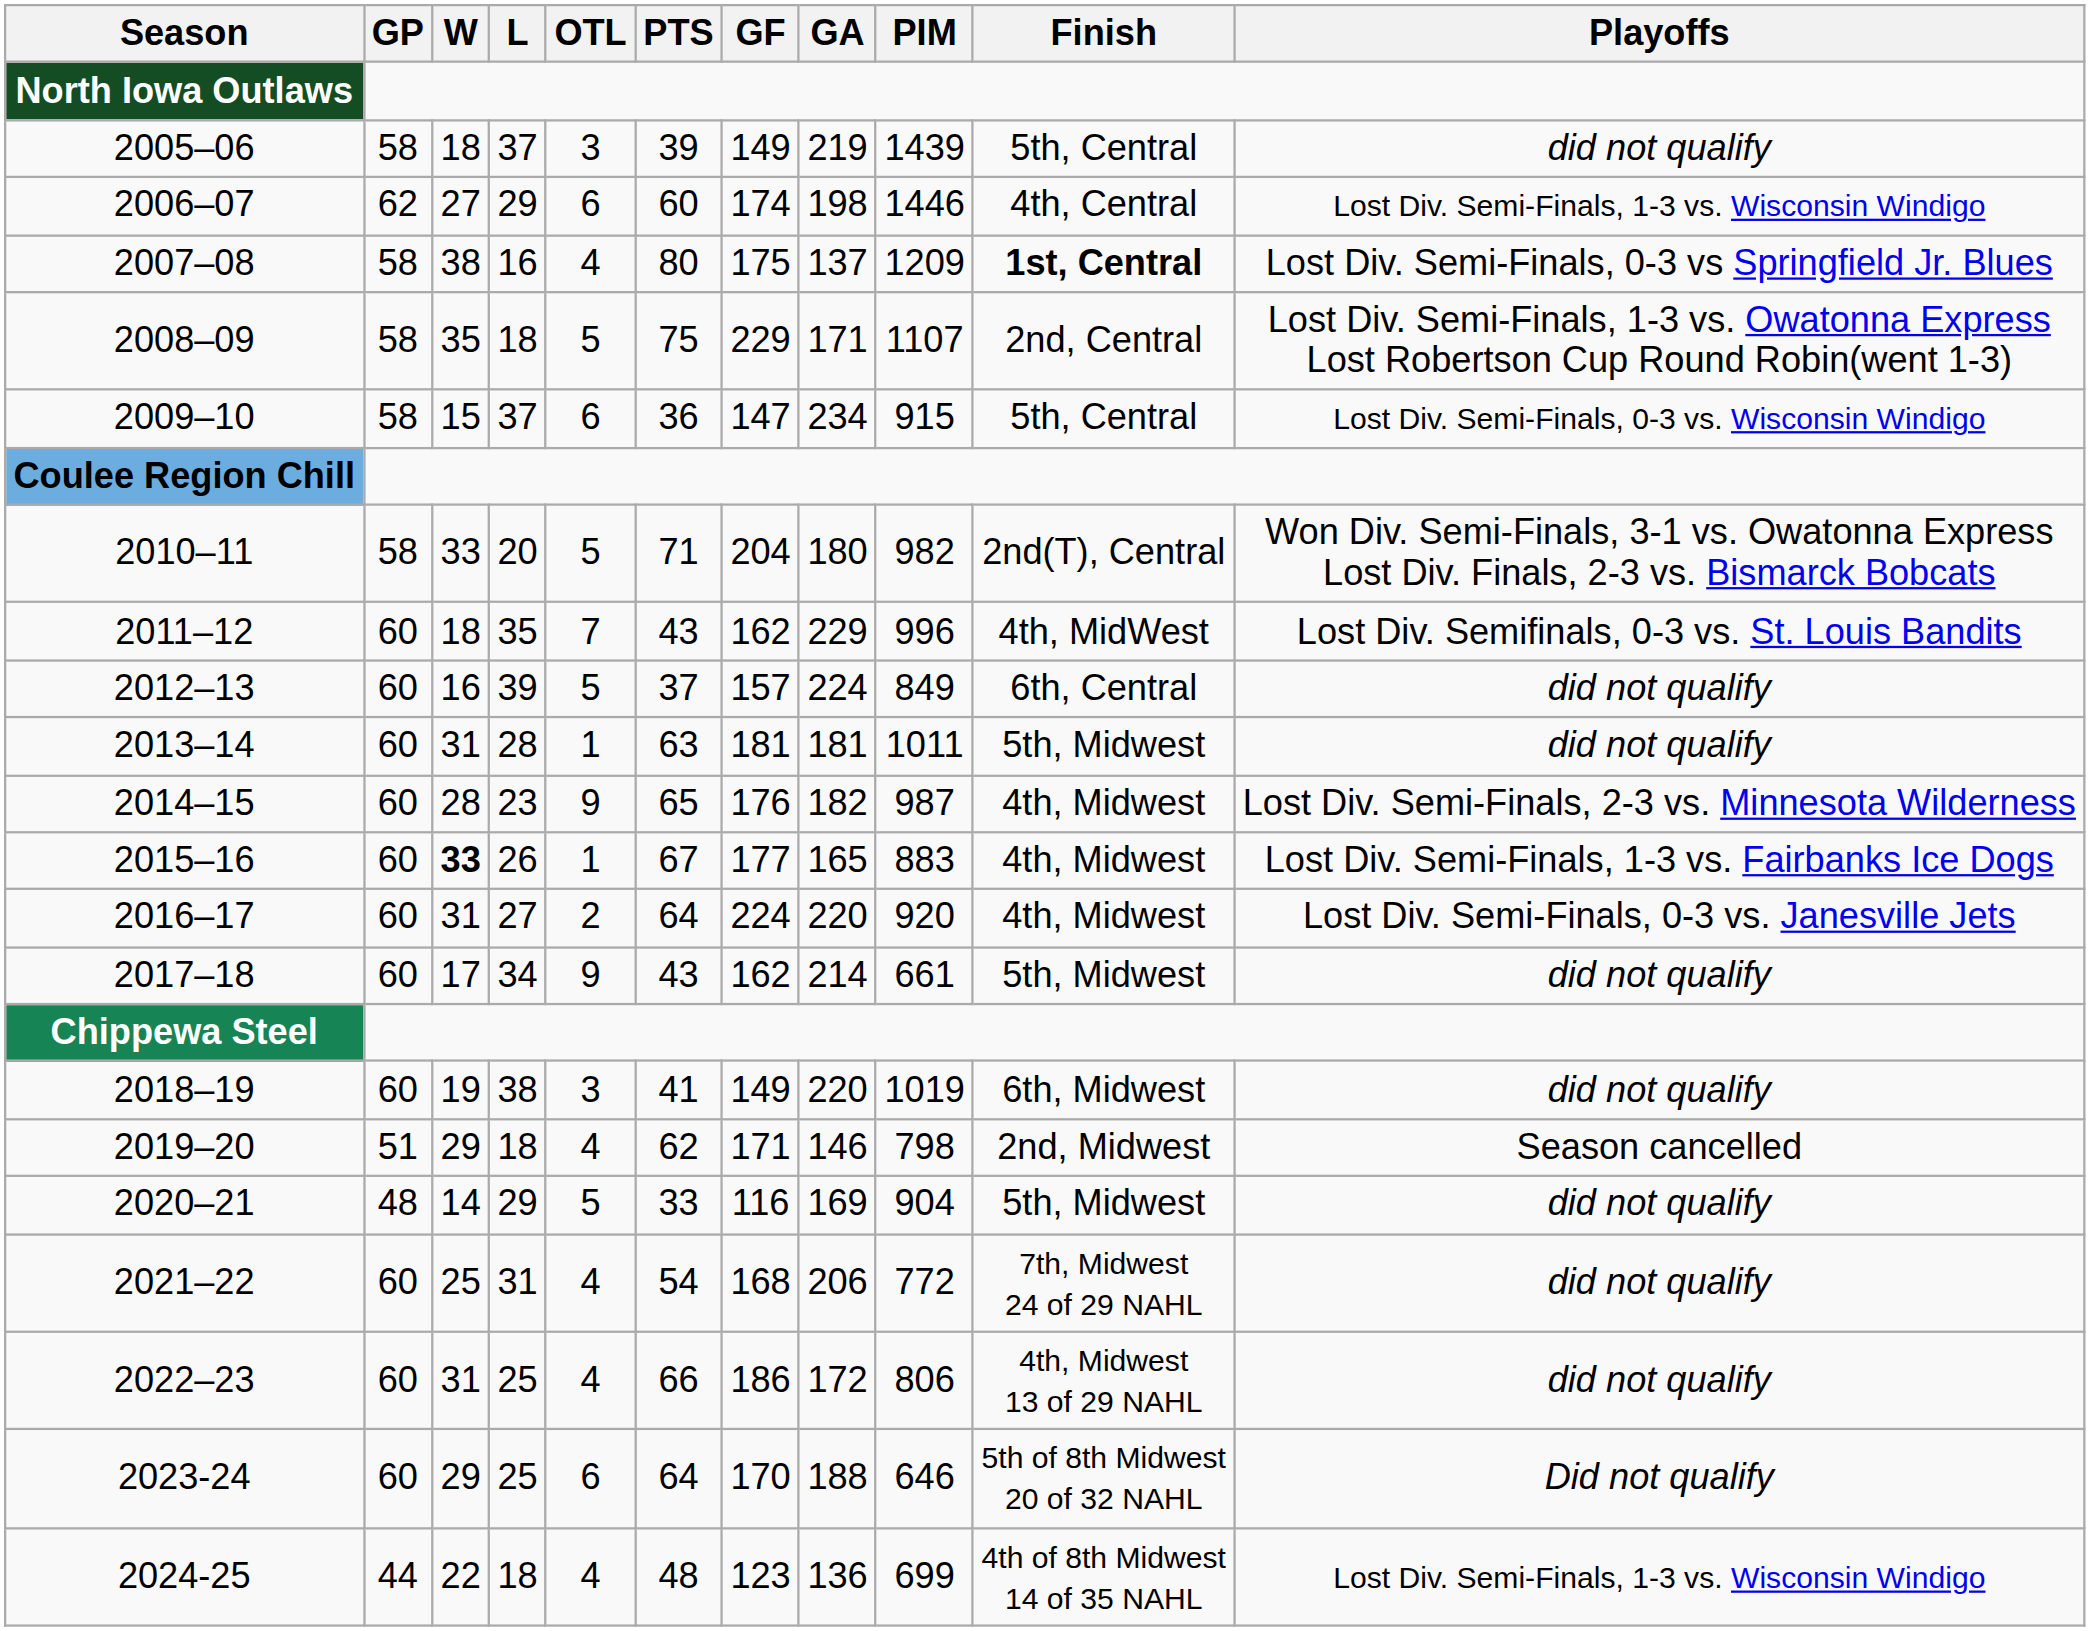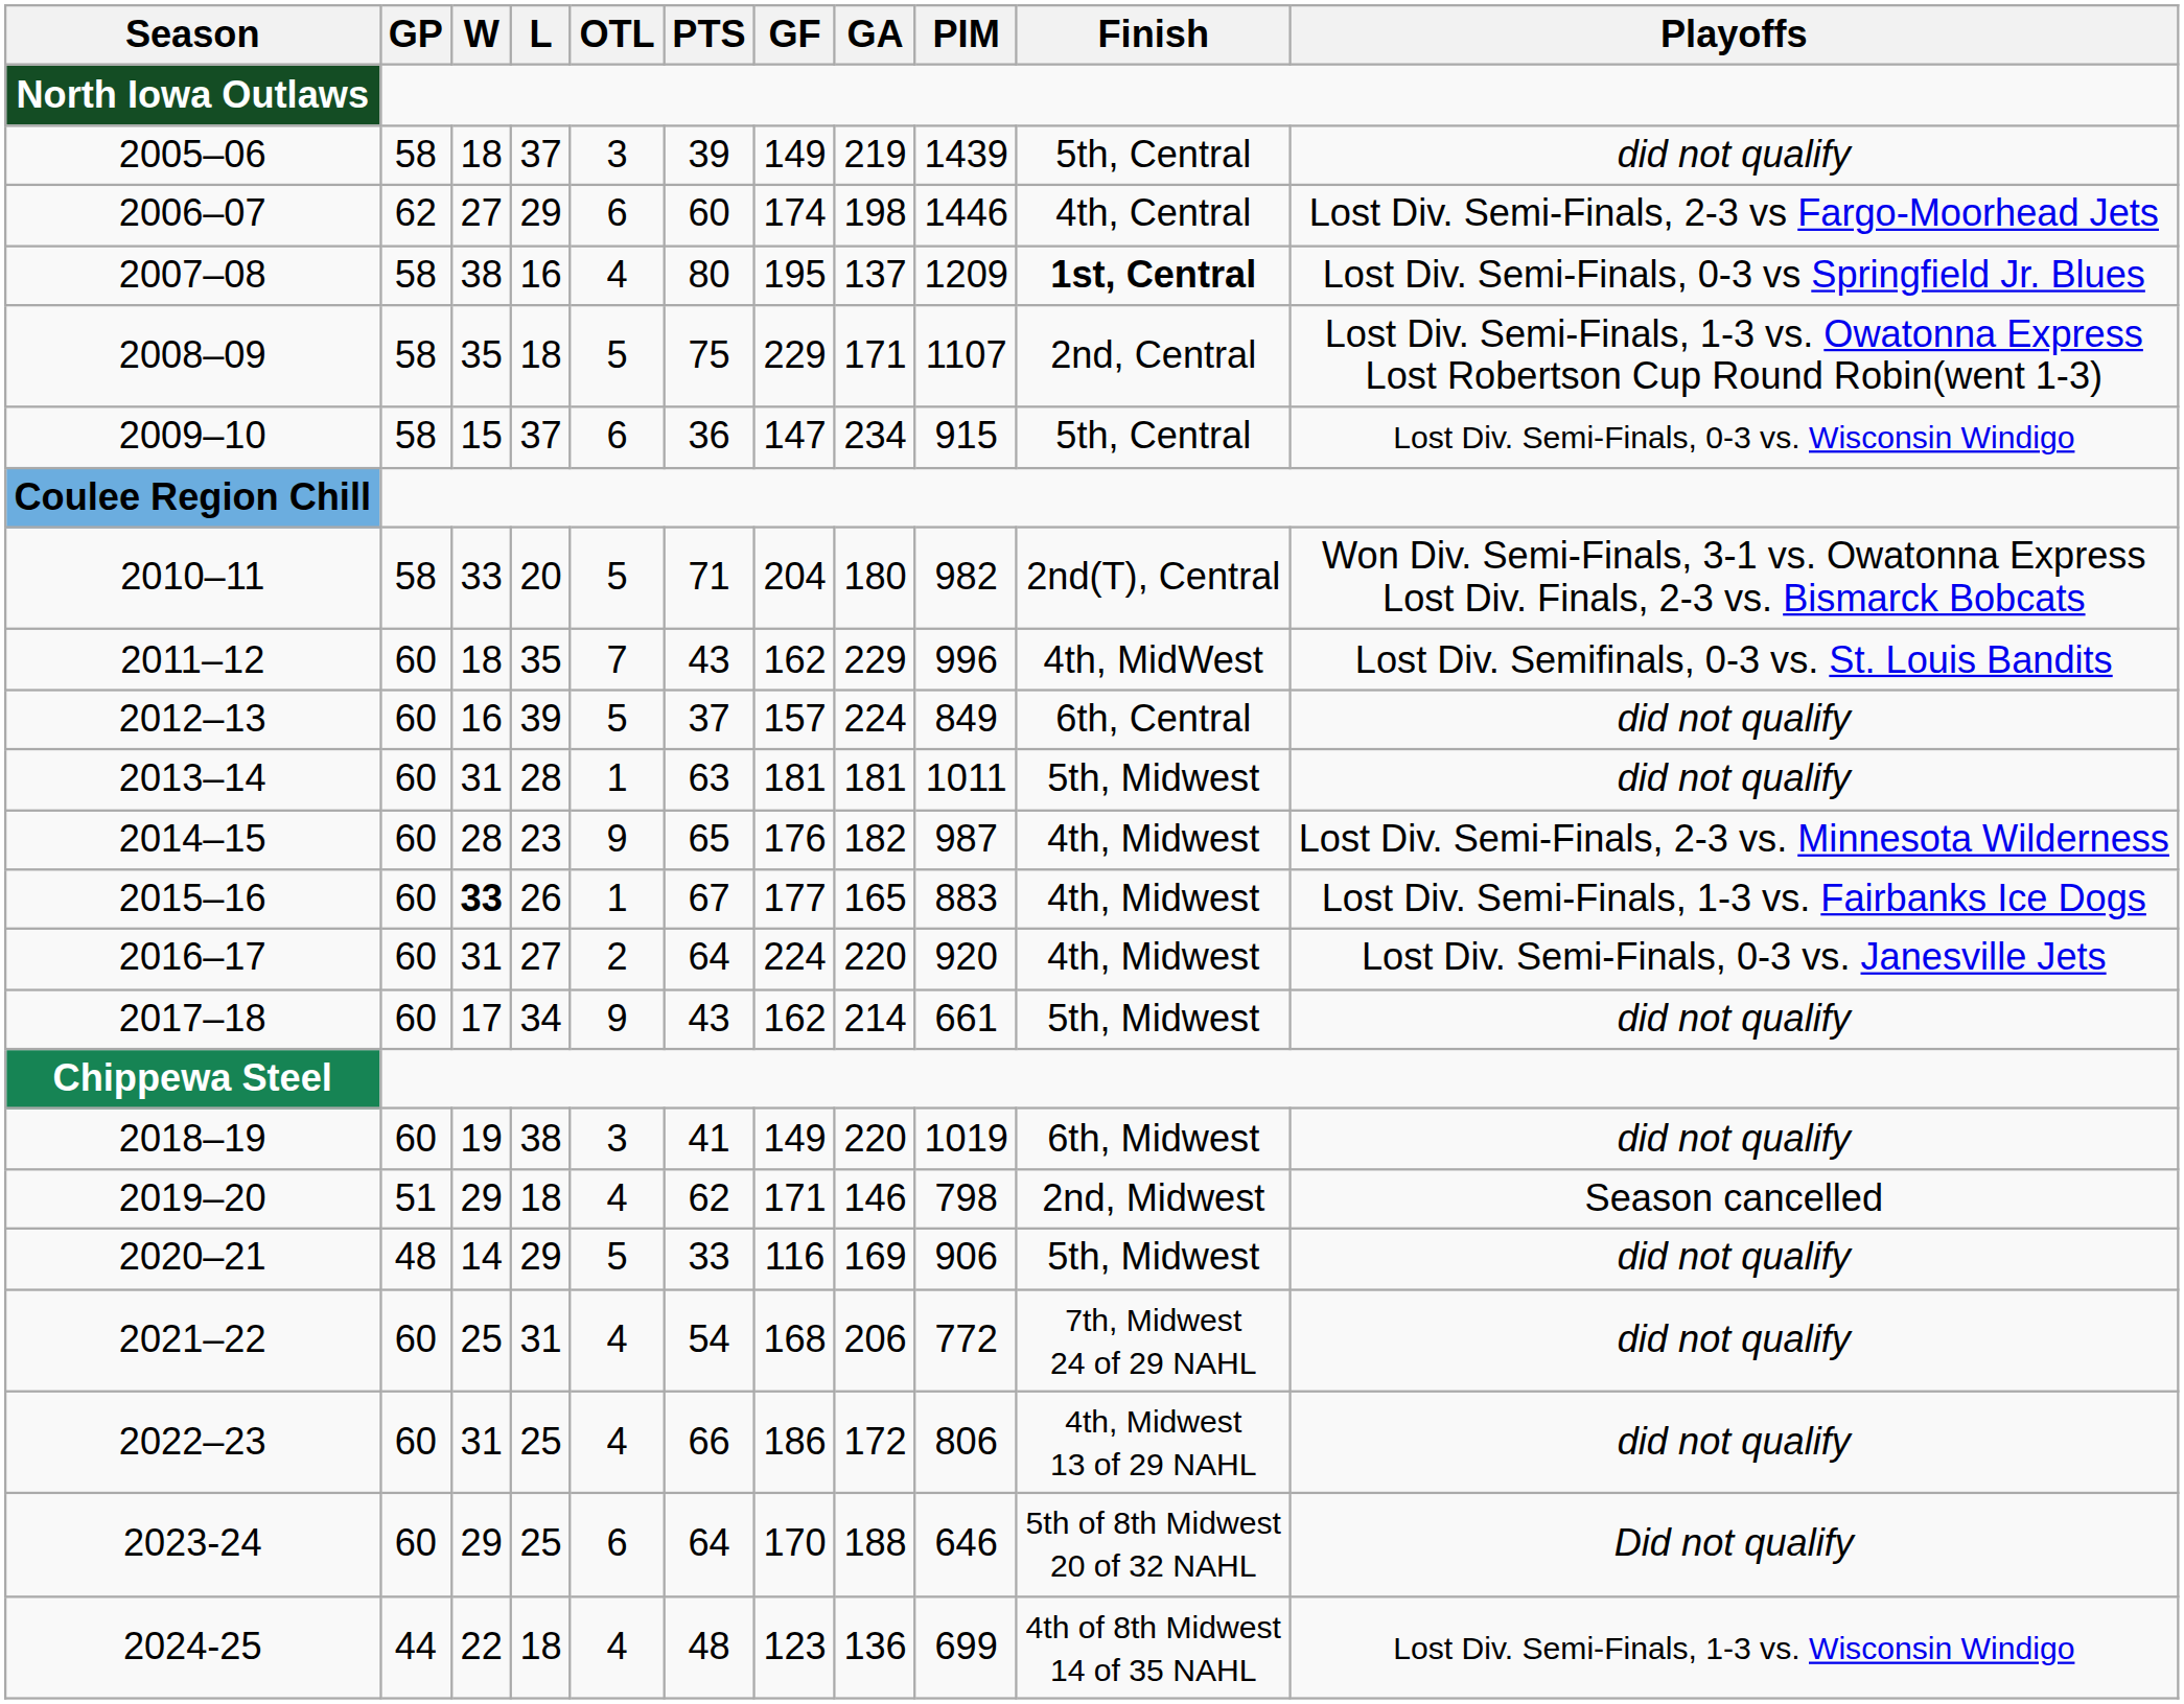 <table class="wikitable" style="text-align:center">
 <tr>
 <th>Season</th>
 <th>GP</th>
 <th>W</th>
 <th>L</th>
 <th>OTL</th>
 <th>PTS</th>
 <th>GF</th>
 <th>GA</th>
 <th>PIM</th>
 <th>Finish</th>
 <th>Playoffs</th>
 </tr>
 <tr align="center">
 <td style="color:white; background:#144d24; "><strong>North Iowa Outlaws</strong></td>
 </tr>
 <tr>
 <td>2005–06</td>
 <td>58</td>
 <td>18</td>
 <td>37</td>
 <td>3</td>
 <td>39</td>
 <td>149</td>
 <td>219</td>
 <td>1439</td>
 <td>5th, Central</td>
 <td><em>did not qualify</em></td>
 </tr>
 <tr>
 <td>2006–07</td>
 <td>62</td>
 <td>27</td>
 <td>29</td>
 <td>6</td>
 <td>60</td>
 <td>174</td>
 <td>198</td>
 <td>1446</td>
 <td>4th, Central</td>
-<td><small>Lost Div. Semi-Finals, 1-3 vs. <a href='#'>Wisconsin Windigo</a></small></td>
+<td>Lost Div. Semi-Finals, 2-3 vs <a href='#'>Fargo-Moorhead Jets</a><br></td>
 </tr>
 <tr>
 <td>2007–08</td>
 <td>58</td>
 <td>38</td>
 <td>16</td>
 <td>4</td>
 <td>80</td>
-<td>175</td>
+<td>195</td>
 <td>137</td>
 <td>1209</td>
 <td><strong>1st, Central</strong></td>
 <td>Lost Div. Semi-Finals, 0-3 vs <a href='#'>Springfield Jr. Blues</a></td>
 </tr>
 <tr>
 <td>2008–09</td>
 <td>58</td>
 <td>35</td>
 <td>18</td>
 <td>5</td>
 <td>75</td>
 <td>229</td>
 <td>171</td>
 <td>1107</td>
 <td>2nd, Central</td>
 <td>Lost Div. Semi-Finals, 1-3 vs. <a href='#'>Owatonna Express</a><br>Lost Robertson Cup Round Robin(went 1-3)</td>
 </tr>
 <tr>
 <td>2009–10</td>
 <td>58</td>
 <td>15</td>
 <td>37</td>
 <td>6</td>
 <td>36</td>
 <td>147</td>
 <td>234</td>
 <td>915</td>
 <td>5th, Central</td>
 <td><small>Lost Div. Semi-Finals, 0-3 vs. <a href='#'>Wisconsin Windigo</a></small></td>
 </tr>
 <tr align="center">
 <td style="color:black; background:#6baddf; "><strong>Coulee Region Chill</strong></td>
 </tr>
 <tr>
 <td>2010–11</td>
 <td>58</td>
 <td>33</td>
 <td>20</td>
 <td>5</td>
 <td>71</td>
 <td>204</td>
 <td>180</td>
 <td>982</td>
 <td>2nd(T), Central</td>
 <td>Won Div. Semi-Finals, 3-1 vs. Owatonna Express<br>Lost Div. Finals, 2-3 vs. <a href='#'>Bismarck Bobcats</a></td>
 </tr>
 <tr>
 <td>2011–12</td>
 <td>60</td>
 <td>18</td>
 <td>35</td>
 <td>7</td>
 <td>43</td>
 <td>162</td>
 <td>229</td>
 <td>996</td>
 <td>4th, MidWest</td>
 <td>Lost Div. Semifinals, 0-3 vs. <a href='#'>St. Louis Bandits</a></td>
 </tr>
 <tr>
 <td>2012–13</td>
 <td>60</td>
 <td>16</td>
 <td>39</td>
 <td>5</td>
 <td>37</td>
 <td>157</td>
 <td>224</td>
 <td>849</td>
 <td>6th, Central</td>
 <td><em>did not qualify</em></td>
 </tr>
 <tr>
 <td>2013–14</td>
 <td>60</td>
 <td>31</td>
 <td>28</td>
 <td>1</td>
 <td>63</td>
 <td>181</td>
 <td>181</td>
 <td>1011</td>
 <td>5th, Midwest</td>
 <td><em>did not qualify</em></td>
 </tr>
 <tr>
 <td>2014–15</td>
 <td>60</td>
 <td>28</td>
 <td>23</td>
 <td>9</td>
 <td>65</td>
 <td>176</td>
 <td>182</td>
 <td>987</td>
 <td>4th, Midwest</td>
 <td>Lost Div. Semi-Finals, 2-3 vs. <a href='#'>Minnesota Wilderness</a></td>
 </tr>
 <tr>
 <td>2015–16</td>
 <td>60</td>
 <td><strong>33</strong></td>
 <td>26</td>
 <td>1</td>
 <td>67</td>
 <td>177</td>
 <td>165</td>
 <td>883</td>
 <td>4th, Midwest</td>
 <td>Lost Div. Semi-Finals, 1-3 vs. <a href='#'>Fairbanks Ice Dogs</a></td>
 </tr>
 <tr>
 <td>2016–17</td>
 <td>60</td>
 <td>31</td>
 <td>27</td>
 <td>2</td>
 <td>64</td>
 <td>224</td>
 <td>220</td>
 <td>920</td>
 <td>4th, Midwest</td>
 <td>Lost Div. Semi-Finals, 0-3 vs. <a href='#'>Janesville Jets</a></td>
 </tr>
 <tr>
 <td>2017–18</td>
 <td>60</td>
 <td>17</td>
 <td>34</td>
 <td>9</td>
 <td>43</td>
 <td>162</td>
 <td>214</td>
 <td>661</td>
 <td>5th, Midwest</td>
 <td><em>did not qualify</em></td>
 </tr>
 <tr align="center">
 <td style="color:white; background:#168454; "><strong>Chippewa Steel</strong></td>
 </tr>
 <tr>
 <td>2018–19</td>
 <td>60</td>
 <td>19</td>
 <td>38</td>
 <td>3</td>
 <td>41</td>
 <td>149</td>
 <td>220</td>
 <td>1019</td>
 <td>6th, Midwest</td>
 <td><em>did not qualify</em></td>
 </tr>
 <tr>
 <td>2019–20</td>
 <td>51</td>
 <td>29</td>
 <td>18</td>
 <td>4</td>
 <td>62</td>
 <td>171</td>
 <td>146</td>
 <td>798</td>
 <td>2nd, Midwest</td>
 <td>Season cancelled</td>
 </tr>
 <tr>
 <td>2020–21</td>
 <td>48</td>
 <td>14</td>
 <td>29</td>
 <td>5</td>
 <td>33</td>
 <td>116</td>
 <td>169</td>
-<td>904</td>
+<td>906</td>
 <td>5th, Midwest</td>
 <td><em>did not qualify</em></td>
 </tr>
 <tr>
 <td>2021–22</td>
 <td>60</td>
 <td>25</td>
 <td>31</td>
 <td>4</td>
 <td>54</td>
 <td>168</td>
 <td>206</td>
 <td>772</td>
 <td><small>7th, Midwest<br>24 of 29 NAHL</small></td>
 <td><em>did not qualify</em></td>
 </tr>
 <tr>
 <td>2022–23</td>
 <td>60</td>
 <td>31</td>
 <td>25</td>
 <td>4</td>
 <td>66</td>
 <td>186</td>
 <td>172</td>
 <td>806</td>
 <td><small>4th, Midwest<br>13 of 29 NAHL</small></td>
 <td><em>did not qualify</em></td>
 </tr>
 <tr>
 <td>2023-24</td>
 <td>60</td>
 <td>29</td>
 <td>25</td>
 <td>6</td>
 <td>64</td>
 <td>170</td>
 <td>188</td>
 <td>646</td>
 <td><small>5th of 8th Midwest<br>20 of 32 NAHL</small></td>
 <td><em>Did not qualify</em></td>
 </tr>
 <tr>
 <td>2024-25</td>
 <td>44</td>
 <td>22</td>
 <td>18</td>
 <td>4</td>
 <td>48</td>
 <td>123</td>
 <td>136</td>
 <td>699</td>
 <td><small> 4th of 8th Midwest<br>14 of 35 NAHL</small></td>
 <td><small>Lost Div. Semi-Finals, 1-3 vs. <a href='#'>Wisconsin Windigo</a></small></td>
 </tr>
 </table>
